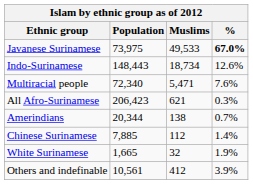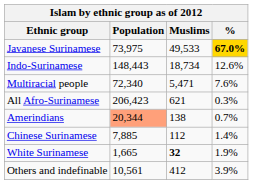 <table class="wikitable sortable">
 <tr>
 <th colspan=19>Islam by ethnic group as of 2012</th>
 </tr>
 <tr>
 <th>Ethnic group</th>
 <th>Population</th>
 <th>Muslims</th>
 <th>%</th>
 </tr>
 <tr>
 <td><a href='#'>Javanese Surinamese</a></td>
 <td>73,975</td>
 <td>49,533</td>
-<td><strong>67.0%</strong></td>
+<td style="background: gold;"><strong>67.0%</strong></td>
 </tr>
 <tr>
 <td><a href='#'>Indo-Surinamese</a></td>
 <td>148,443</td>
 <td>18,734</td>
 <td>12.6%</td>
 </tr>
 <tr>
 <td><a href='#'>Multiracial</a> people</td>
 <td>72,340</td>
 <td>5,471</td>
 <td>7.6%</td>
 </tr>
 <tr>
 <td>All <a href='#'>Afro-Surinamese</a></td>
 <td>206,423</td>
 <td>621</td>
 <td>0.3%</td>
 </tr>
 <tr>
 <td><a href='#'>Amerindians</a></td>
-<td>20,344</td>
+<td style="background: lightsalmon;">20,344</td>
 <td>138</td>
 <td>0.7%</td>
 </tr>
 <tr>
 <td><a href='#'>Chinese Surinamese</a></td>
 <td>7,885</td>
 <td>112</td>
 <td>1.4%</td>
 </tr>
 <tr>
 <td><a href='#'>White Surinamese</a></td>
 <td>1,665</td>
-<td>32</td>
+<td><strong>32</strong></td>
 <td>1.9%</td>
 </tr>
 <tr>
 <td>Others and indefinable</td>
 <td>10,561</td>
 <td>412</td>
 <td>3.9%</td>
 </tr>
 </table>
